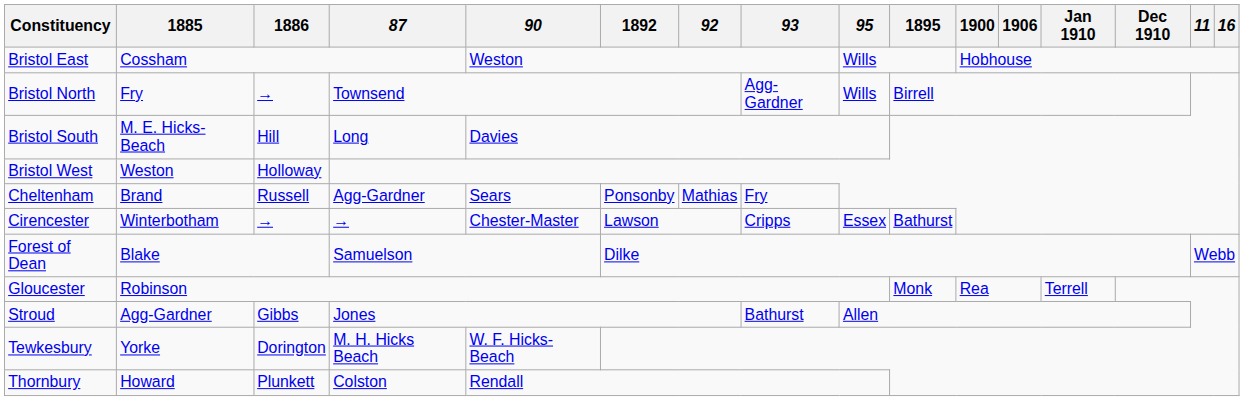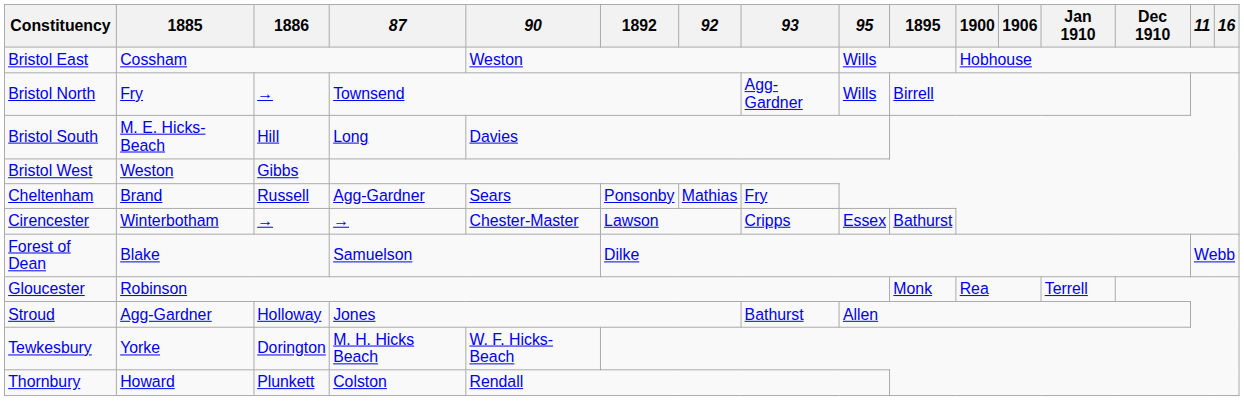 <table class="wikitable">
 <tr>
 <th>Constituency</th>
 <th>1885</th>
 <th>1886</th>
 <th><em>87</em></th>
 <th><em>90</em></th>
 <th>1892</th>
 <th><em>92</em></th>
 <th><em>93</em></th>
 <th><em>95</em></th>
 <th>1895</th>
 <th>1900</th>
 <th>1906</th>
 <th>Jan 1910</th>
 <th>Dec 1910</th>
 <th><em>11</em></th>
 <th><em>16</em></th>
 </tr>
 <tr>
 <td><a href='#'>Bristol East</a></td>
 <td colspan="3"><a href='#'>Cossham</a></td>
 <td colspan="4"><a href='#'>Weston</a></td>
 <td colspan="2"><a href='#'>Wills</a></td>
 <td colspan="6"><a href='#'>Hobhouse</a></td>
 </tr>
 <tr>
 <td><a href='#'>Bristol North</a></td>
 <td><a href='#'>Fry</a></td>
 <td><a href='#'>→</a></td>
 <td colspan="4"><a href='#'>Townsend</a></td>
 <td><a href='#'>Agg-Gardner</a></td>
 <td><a href='#'>Wills</a></td>
 <td colspan="5"><a href='#'>Birrell</a></td>
 </tr>
 <tr>
 <td><a href='#'>Bristol South</a></td>
 <td><a href='#'>M. E. Hicks-Beach</a></td>
 <td><a href='#'>Hill</a></td>
 <td><a href='#'>Long</a></td>
 <td colspan="5"><a href='#'>Davies</a></td>
 </tr>
 <tr>
 <td><a href='#'>Bristol West</a></td>
 <td><a href='#'>Weston</a></td>
-<td><a href='#'>Holloway</a></td>
+<td><a href='#'>Gibbs</a></td>
 </tr>
 <tr>
 <td><a href='#'>Cheltenham</a></td>
 <td><a href='#'>Brand</a></td>
 <td><a href='#'>Russell</a></td>
 <td><a href='#'>Agg-Gardner</a></td>
 <td><a href='#'>Sears</a></td>
 <td><a href='#'>Ponsonby</a></td>
 <td><a href='#'>Mathias</a></td>
 <td><a href='#'>Fry</a></td>
 </tr>
 <tr>
 <td><a href='#'>Cirencester</a></td>
 <td><a href='#'>Winterbotham</a></td>
 <td><a href='#'>→</a></td>
 <td><a href='#'>→</a></td>
 <td><a href='#'>Chester-Master</a></td>
 <td colspan="2"><a href='#'>Lawson</a></td>
 <td><a href='#'>Cripps</a></td>
 <td><a href='#'>Essex</a></td>
 <td><a href='#'>Bathurst</a></td>
 </tr>
 <tr>
 <td><a href='#'>Forest of Dean</a></td>
 <td colspan="2"><a href='#'>Blake</a></td>
 <td colspan="2"><a href='#'>Samuelson</a></td>
 <td colspan="9"><a href='#'>Dilke</a></td>
 <td colspan="2"><a href='#'>Webb</a></td>
 </tr>
 <tr>
 <td><a href='#'>Gloucester</a></td>
 <td colspan="8"><a href='#'>Robinson</a></td>
 <td><a href='#'>Monk</a></td>
 <td colspan="2"><a href='#'>Rea</a></td>
 <td><a href='#'>Terrell</a></td>
 </tr>
 <tr>
 <td><a href='#'>Stroud</a></td>
 <td><a href='#'>Agg-Gardner</a></td>
-<td><a href='#'>Gibbs</a></td>
+<td><a href='#'>Holloway</a></td>
 <td colspan="4"><a href='#'>Jones</a></td>
 <td><a href='#'>Bathurst</a></td>
 <td colspan="6"><a href='#'>Allen</a></td>
 </tr>
 <tr>
 <td><a href='#'>Tewkesbury</a></td>
 <td><a href='#'>Yorke</a></td>
 <td><a href='#'>Dorington</a></td>
 <td><a href='#'>M. H. Hicks Beach</a></td>
 <td><a href='#'>W. F. Hicks-Beach</a></td>
 </tr>
 <tr>
 <td><a href='#'>Thornbury</a></td>
 <td><a href='#'>Howard</a></td>
 <td><a href='#'>Plunkett</a></td>
 <td><a href='#'>Colston</a></td>
 <td colspan="5"><a href='#'>Rendall</a></td>
 </tr>
 </table>
